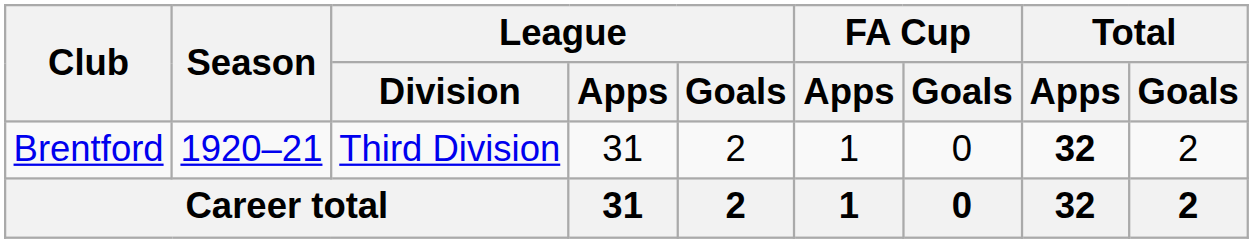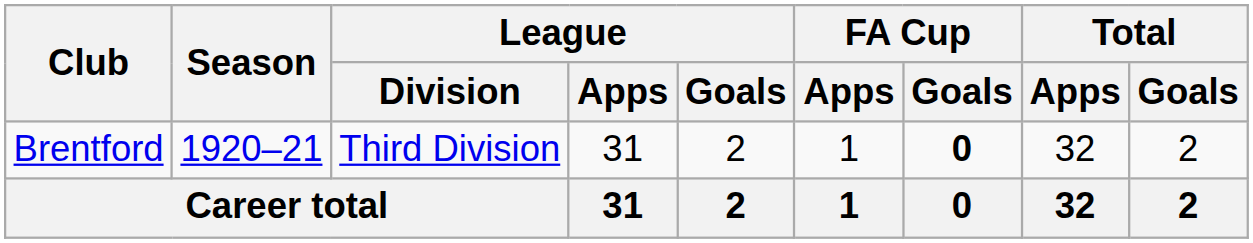 <table class="wikitable" style="text-align: center;">
 <tr>
 <th rowspan="2">Club</th>
 <th rowspan="2">Season</th>
 <th colspan="3">League</th>
 <th colspan="2">FA Cup</th>
 <th colspan="2">Total</th>
 </tr>
 <tr>
 <th>Division</th>
 <th>Apps</th>
 <th>Goals</th>
 <th>Apps</th>
 <th>Goals</th>
 <th>Apps</th>
 <th>Goals</th>
 </tr>
 <tr>
 <td><a href='#'>Brentford</a></td>
 <td><a href='#'>1920–21</a></td>
 <td><a href='#'>Third Division</a></td>
 <td>31</td>
 <td>2</td>
 <td>1</td>
-<td>0</td>
-<td><strong>32</strong></td>
+<td><strong>0</strong></td>
+<td>32</td>
 <td>2</td>
 </tr>
 <tr>
 <th colspan="3">Career total</th>
 <th>31</th>
 <th>2</th>
 <th>1</th>
 <th>0</th>
 <th>32</th>
 <th>2</th>
 </tr>
 </table>
